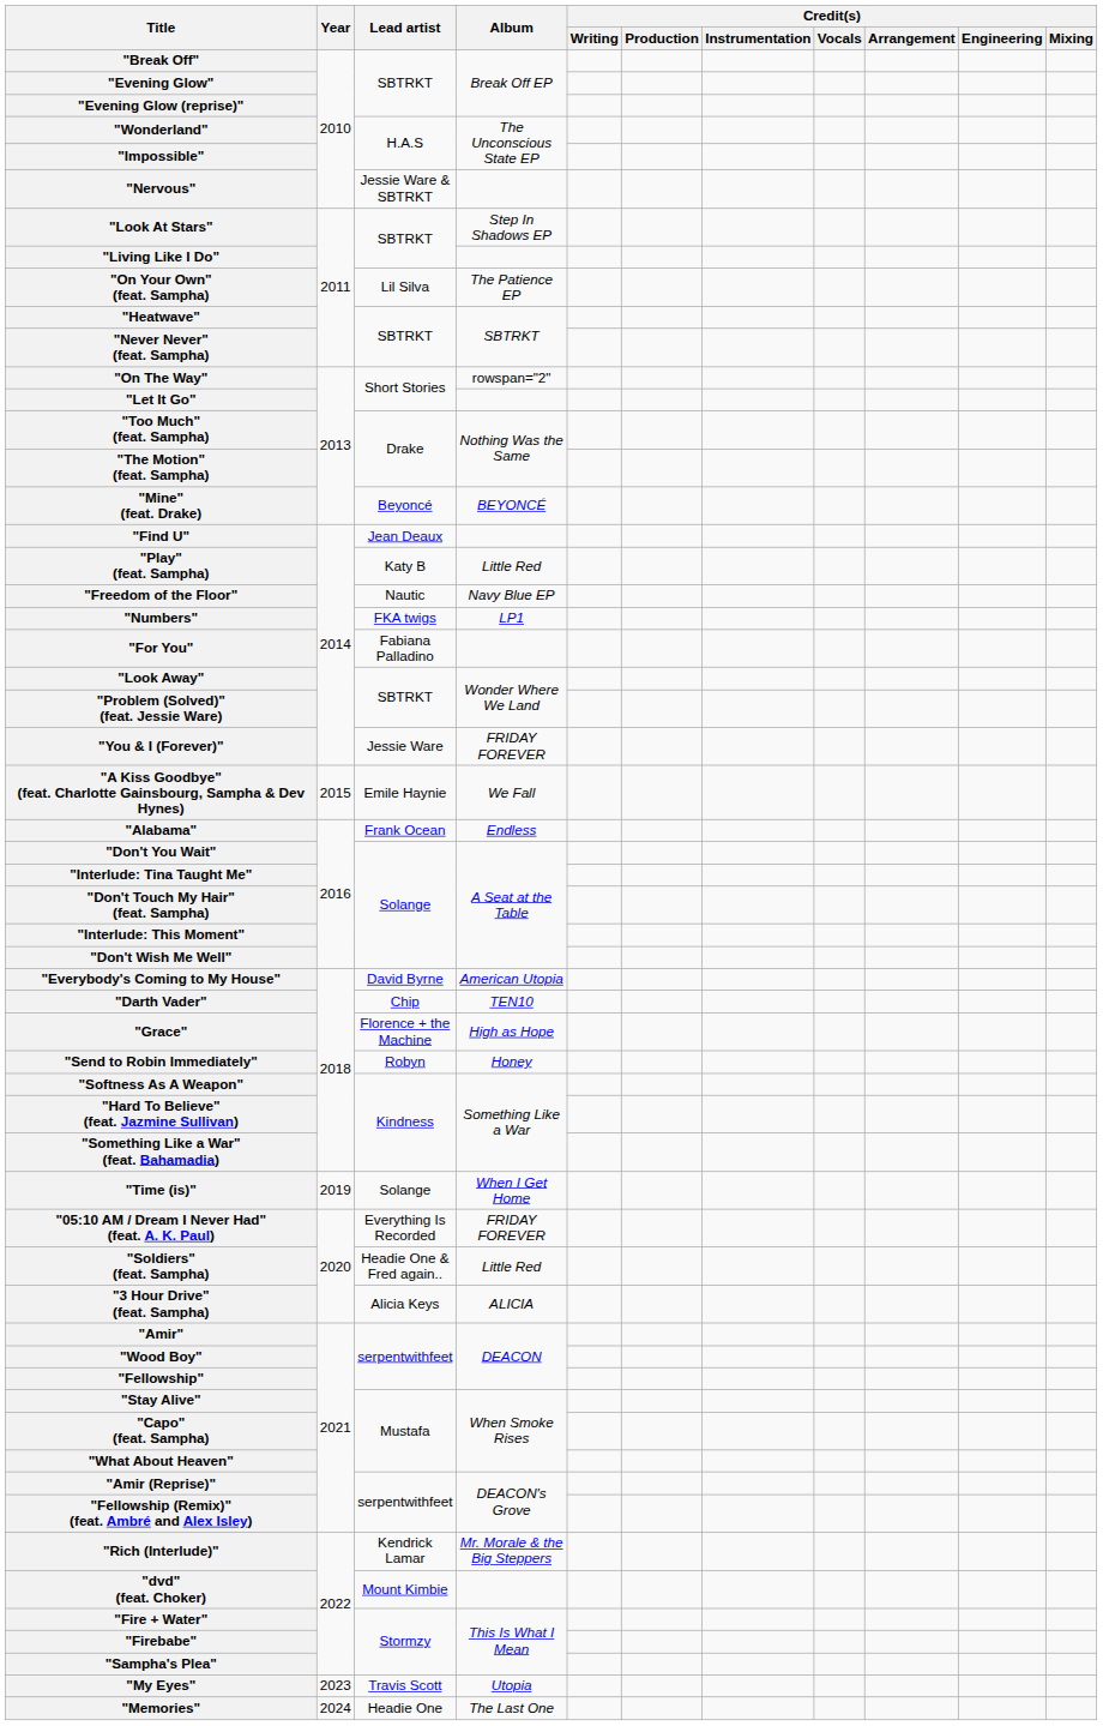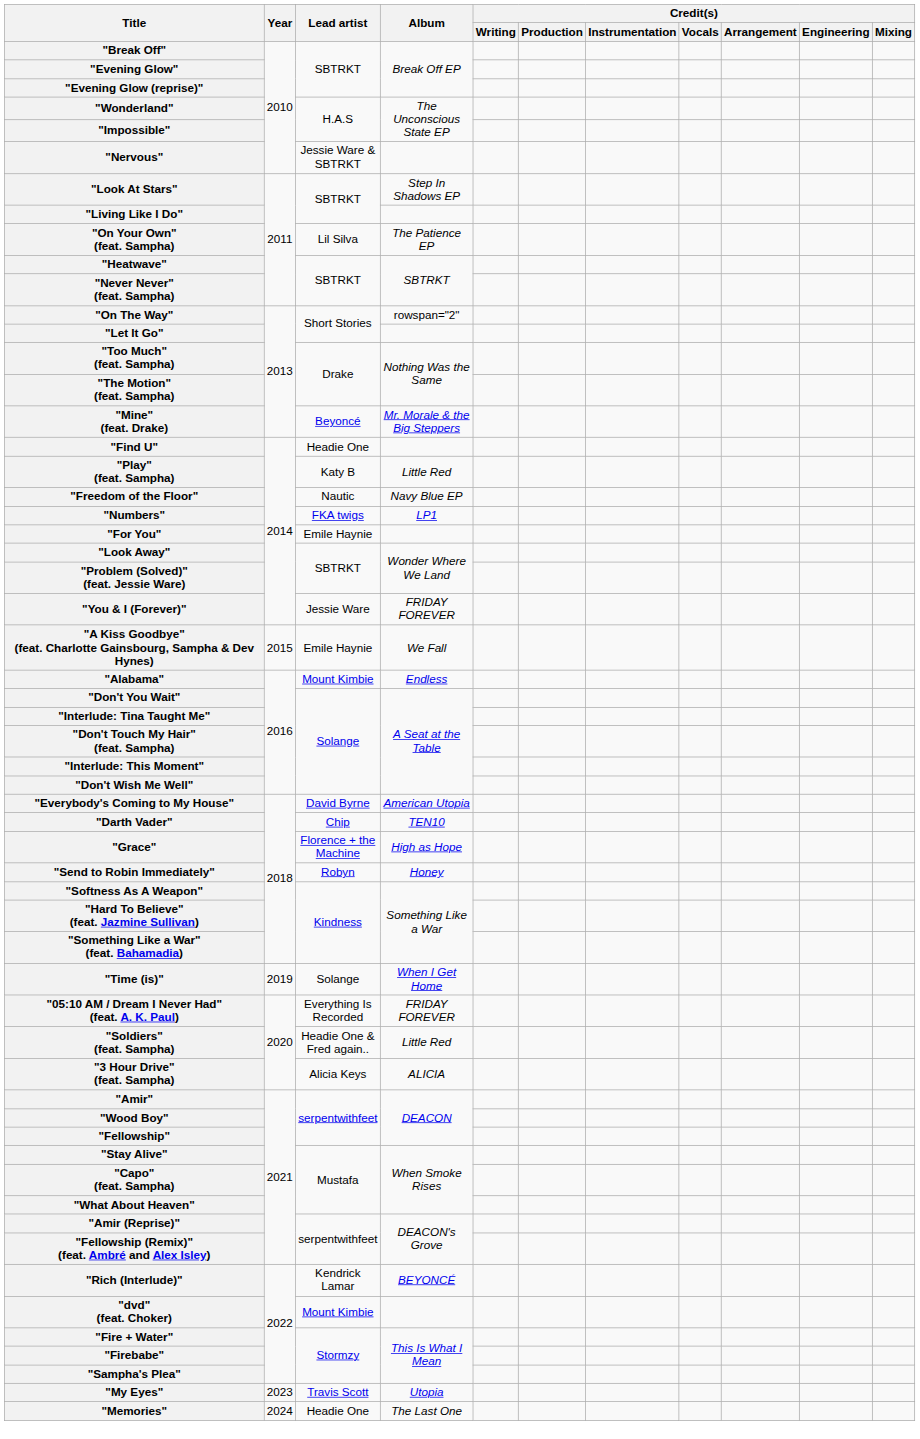 <table class="wikitable plainrowheaders" style="text-align:center;">
 <tr>
 <th rowspan="2" scope="col">Title</th>
 <th rowspan="2" width="30" scope="col">Year</th>
 <th rowspan="2" width="100" scope="col">Lead artist</th>
 <th rowspan="2" width="120" scope="col">Album</th>
 <th colspan="7" width="210" scope="col">Credit(s)</th>
 </tr>
 <tr>
 <th scope="col">Writing</th>
 <th scope="col">Production</th>
 <th scope="col">Instrumentation</th>
 <th scope="col">Vocals</th>
 <th scope="col">Arrangement</th>
 <th scope="col">Engineering</th>
 <th scope="col">Mixing</th>
 </tr>
 <tr>
 <th scope="row">"Break Off"</th>
 <td rowspan="6">2010</td>
 <td rowspan="3">SBTRKT</td>
 <td rowspan="3"><em>Break Off EP</em></td>
 <td></td>
 <td></td>
 <td></td>
 <td></td>
 <td></td>
 <td></td>
 <td></td>
 </tr>
 <tr>
 <th scope="row">"Evening Glow"</th>
 <td></td>
 <td></td>
 <td></td>
 <td></td>
 <td></td>
 <td></td>
 <td></td>
 </tr>
 <tr>
 <th scope="row">"Evening Glow (reprise)"</th>
 <td></td>
 <td></td>
 <td></td>
 <td></td>
 <td></td>
 <td></td>
 <td></td>
 </tr>
 <tr>
 <th scope="row">"Wonderland"</th>
 <td rowspan="2">H.A.S</td>
 <td rowspan="2"><em>The Unconscious State EP</em></td>
 <td></td>
 <td></td>
 <td></td>
 <td></td>
 <td></td>
 <td></td>
 <td></td>
 </tr>
 <tr>
 <th scope="row">"Impossible"</th>
 <td></td>
 <td></td>
 <td></td>
 <td></td>
 <td></td>
 <td></td>
 <td></td>
 </tr>
 <tr>
 <th scope="row">"Nervous"</th>
 <td>Jessie Ware & SBTRKT</td>
 <td></td>
 <td></td>
 <td></td>
 <td></td>
 <td></td>
 <td></td>
 <td></td>
 <td></td>
 </tr>
 <tr>
 <th scope="row">"Look At Stars"</th>
 <td rowspan="5">2011</td>
 <td rowspan="2">SBTRKT</td>
 <td><em>Step In Shadows EP</em></td>
 <td></td>
 <td></td>
 <td></td>
 <td></td>
 <td></td>
 <td></td>
 <td></td>
 </tr>
 <tr>
 <th scope="row">"Living Like I Do"</th>
 <td></td>
 <td></td>
 <td></td>
 <td></td>
 <td></td>
 <td></td>
 <td></td>
 <td></td>
 </tr>
 <tr>
 <th scope="row">"On Your Own"<br><span>(feat. Sampha)</span></th>
 <td>Lil Silva</td>
 <td><em>The Patience EP</em></td>
 <td></td>
 <td></td>
 <td></td>
 <td></td>
 <td></td>
 <td></td>
 <td></td>
 </tr>
 <tr>
 <th scope="row">"Heatwave"</th>
 <td rowspan="2">SBTRKT</td>
 <td rowspan="2"><em>SBTRKT</em></td>
 <td></td>
 <td></td>
 <td></td>
 <td></td>
 <td></td>
 <td></td>
 <td></td>
 </tr>
 <tr>
 <th scope="row">"Never Never"<br><span>(feat. Sampha)</span></th>
 <td></td>
 <td></td>
 <td></td>
 <td></td>
 <td></td>
 <td></td>
 <td></td>
 </tr>
 <tr>
 <th scope="row">"On The Way"</th>
 <td rowspan="5">2013</td>
 <td rowspan="2">Short Stories</td>
 <td>rowspan="2" </td>
 <td></td>
 <td></td>
 <td></td>
 <td></td>
 <td></td>
 <td></td>
 <td></td>
 </tr>
 <tr>
 <th scope="row">"Let It Go"</th>
 <td></td>
 <td></td>
 <td></td>
 <td></td>
 <td></td>
 <td></td>
 <td></td>
 </tr>
 <tr>
 <th scope="row">"Too Much"<br><span>(feat. Sampha)</span></th>
 <td rowspan="2">Drake</td>
 <td rowspan="2"><em>Nothing Was the Same</em></td>
 <td></td>
 <td></td>
 <td></td>
 <td></td>
 <td></td>
 <td></td>
 <td></td>
 </tr>
 <tr>
 <th scope="row">"The Motion"<br><span>(feat. Sampha)</span></th>
 <td></td>
 <td></td>
 <td></td>
 <td></td>
 <td></td>
 <td></td>
 <td></td>
 </tr>
 <tr>
 <th scope="row">"Mine"<br><span>(feat. Drake)</span></th>
 <td><a href='#'>Beyoncé</a></td>
-<td><em><a href='#'>BEYONCÉ</a></em></td>
+<td><em><a href='#'>Mr. Morale & the Big Steppers</a></em></td>
 <td></td>
 <td></td>
 <td></td>
 <td></td>
 <td></td>
 <td></td>
 <td></td>
 </tr>
 <tr>
 <th scope="row">"Find U"</th>
 <td rowspan="8">2014</td>
-<td><a href='#'>Jean Deaux</a></td>
+<td>Headie One</td>
 <td></td>
 <td></td>
 <td></td>
 <td></td>
 <td></td>
 <td></td>
 <td></td>
 <td></td>
 </tr>
 <tr>
 <th scope="row">"Play"<br><span>(feat. Sampha)</span></th>
 <td>Katy B</td>
 <td><em>Little Red</em></td>
 <td></td>
 <td></td>
 <td></td>
 <td></td>
 <td></td>
 <td></td>
 <td></td>
 </tr>
 <tr>
 <th scope="row">"Freedom of the Floor"</th>
 <td>Nautic</td>
 <td><em>Navy Blue EP</em></td>
 <td></td>
 <td></td>
 <td></td>
 <td></td>
 <td></td>
 <td></td>
 <td></td>
 </tr>
 <tr>
 <th scope="row">"Numbers"</th>
 <td><a href='#'>FKA twigs</a></td>
 <td><em><a href='#'>LP1</a></em></td>
 <td></td>
 <td></td>
 <td></td>
 <td></td>
 <td></td>
 <td></td>
 <td></td>
 </tr>
 <tr>
 <th scope="row">"For You"</th>
-<td>Fabiana Palladino</td>
+<td>Emile Haynie</td>
 <td></td>
 <td></td>
 <td></td>
 <td></td>
 <td></td>
 <td></td>
 <td></td>
 <td></td>
 </tr>
 <tr>
 <th scope="row">"Look Away"</th>
 <td rowspan="2">SBTRKT</td>
 <td rowspan="2"><em>Wonder Where We Land</em></td>
 <td></td>
 <td></td>
 <td></td>
 <td></td>
 <td></td>
 <td></td>
 <td></td>
 </tr>
 <tr>
 <th scope="row">"Problem (Solved)"<br><span>(feat. Jessie Ware)</span></th>
 <td></td>
 <td></td>
 <td></td>
 <td></td>
 <td></td>
 <td></td>
 <td></td>
 </tr>
 <tr>
 <th scope="row">"You & I (Forever)"</th>
 <td>Jessie Ware</td>
 <td><em>FRIDAY FOREVER</em></td>
 <td></td>
 <td></td>
 <td></td>
 <td></td>
 <td></td>
 <td></td>
 <td></td>
 </tr>
 <tr>
 <th scope="row">"A Kiss Goodbye"<br><span>(feat. Charlotte Gainsbourg, Sampha & Dev Hynes)</span></th>
 <td>2015</td>
 <td>Emile Haynie</td>
 <td><em>We Fall</em></td>
 <td></td>
 <td></td>
 <td></td>
 <td></td>
 <td></td>
 <td></td>
 <td></td>
 </tr>
 <tr>
 <th scope="row">"Alabama"</th>
 <td rowspan="6">2016</td>
-<td><a href='#'>Frank Ocean</a></td>
+<td><a href='#'>Mount Kimbie</a></td>
 <td><em><a href='#'>Endless</a></em></td>
 <td></td>
 <td></td>
 <td></td>
 <td></td>
 <td></td>
 <td></td>
 <td></td>
 </tr>
 <tr>
 <th scope="row">"Don't You Wait"</th>
 <td rowspan="5"><a href='#'>Solange</a></td>
 <td rowspan="5"><em><a href='#'>A Seat at the Table</a></em></td>
 <td></td>
 <td></td>
 <td></td>
 <td></td>
 <td></td>
 <td></td>
 <td></td>
 </tr>
 <tr>
 <th scope="row">"Interlude: Tina Taught Me"</th>
 <td></td>
 <td></td>
 <td></td>
 <td></td>
 <td></td>
 <td></td>
 <td></td>
 </tr>
 <tr>
 <th scope="row">"Don't Touch My Hair"<br><span>(feat. Sampha)</span></th>
 <td></td>
 <td></td>
 <td></td>
 <td></td>
 <td></td>
 <td></td>
 <td></td>
 </tr>
 <tr>
 <th scope="row">"Interlude: This Moment"</th>
 <td></td>
 <td></td>
 <td></td>
 <td></td>
 <td></td>
 <td></td>
 <td></td>
 </tr>
 <tr>
 <th scope="row">"Don't Wish Me Well"</th>
 <td></td>
 <td></td>
 <td></td>
 <td></td>
 <td></td>
 <td></td>
 <td></td>
 </tr>
 <tr>
 <th scope="row">"Everybody's Coming to My House"</th>
 <td rowspan="7">2018</td>
 <td><a href='#'>David Byrne</a></td>
 <td><em><a href='#'>American Utopia</a></em></td>
 <td></td>
 <td></td>
 <td></td>
 <td></td>
 <td></td>
 <td></td>
 <td></td>
 </tr>
 <tr>
 <th scope="row">"Darth Vader"</th>
 <td><a href='#'>Chip</a></td>
 <td><em><a href='#'>TEN10</a></em></td>
 <td></td>
 <td></td>
 <td></td>
 <td></td>
 <td></td>
 <td></td>
 <td></td>
 </tr>
 <tr>
 <th scope="row">"Grace"</th>
 <td><a href='#'>Florence + the Machine</a></td>
 <td><em><a href='#'>High as Hope</a></em></td>
 <td></td>
 <td></td>
 <td></td>
 <td></td>
 <td></td>
 <td></td>
 <td></td>
 </tr>
 <tr>
 <th scope="row">"Send to Robin Immediately"</th>
 <td><a href='#'>Robyn</a></td>
 <td><em><a href='#'>Honey</a></em></td>
 <td></td>
 <td></td>
 <td></td>
 <td></td>
 <td></td>
 <td></td>
 <td></td>
 </tr>
 <tr>
 <th scope="row">"Softness As A Weapon"</th>
 <td rowspan="3"><a href='#'>Kindness</a></td>
 <td rowspan="3"><em>Something Like a War</em></td>
 <td></td>
 <td></td>
 <td></td>
 <td></td>
 <td></td>
 <td></td>
 <td></td>
 </tr>
 <tr>
 <th scope="row">"Hard To Believe"<br><span>(feat. <a href='#'>Jazmine Sullivan</a>)</span></th>
 <td></td>
 <td></td>
 <td></td>
 <td></td>
 <td></td>
 <td></td>
 <td></td>
 </tr>
 <tr>
 <th scope="row">"Something Like a War"<br><span>(feat. <a href='#'>Bahamadia</a>)</span></th>
 <td></td>
 <td></td>
 <td></td>
 <td></td>
 <td></td>
 <td></td>
 <td></td>
 </tr>
 <tr>
 <th scope="row">"Time (is)"</th>
 <td>2019</td>
 <td>Solange</td>
 <td><em><a href='#'>When I Get Home</a></em></td>
 <td></td>
 <td></td>
 <td></td>
 <td></td>
 <td></td>
 <td></td>
 <td></td>
 </tr>
 <tr>
 <th scope="row">"05:10 AM / Dream I Never Had"<br><span>(feat. <a href='#'>A. K. Paul</a>)</span></th>
 <td rowspan="3">2020</td>
 <td>Everything Is Recorded</td>
 <td><em>FRIDAY FOREVER</em></td>
 <td></td>
 <td></td>
 <td></td>
 <td></td>
 <td></td>
 <td></td>
 <td></td>
 </tr>
 <tr>
 <th scope="row">"Soldiers"<br><span>(feat. Sampha)</span></th>
 <td>Headie One & Fred again..</td>
 <td><em>Little Red</em></td>
 <td></td>
 <td></td>
 <td></td>
 <td></td>
 <td></td>
 <td></td>
 <td></td>
 </tr>
 <tr>
 <th scope="row">"3 Hour Drive"<br><span>(feat. Sampha)</span></th>
 <td>Alicia Keys</td>
 <td><em>ALICIA</em></td>
 <td></td>
 <td></td>
 <td></td>
 <td></td>
 <td></td>
 <td></td>
 <td></td>
 </tr>
 <tr>
 <th scope="row">"Amir"</th>
 <td rowspan="8">2021</td>
 <td rowspan="3"><a href='#'>serpentwithfeet</a></td>
 <td rowspan="3"><em><a href='#'>DEACON</a></em></td>
 <td></td>
 <td></td>
 <td></td>
 <td></td>
 <td></td>
 <td></td>
 <td></td>
 </tr>
 <tr>
 <th scope="row">"Wood Boy"</th>
 <td></td>
 <td></td>
 <td></td>
 <td></td>
 <td></td>
 <td></td>
 <td></td>
 </tr>
 <tr>
 <th scope="row">"Fellowship"</th>
 <td></td>
 <td></td>
 <td></td>
 <td></td>
 <td></td>
 <td></td>
 <td></td>
 </tr>
 <tr>
 <th scope="row">"Stay Alive"</th>
 <td rowspan="3">Mustafa</td>
 <td rowspan="3"><em>When Smoke Rises</em></td>
 <td></td>
 <td></td>
 <td></td>
 <td></td>
 <td></td>
 <td></td>
 <td></td>
 </tr>
 <tr>
 <th scope="row">"Capo"<br><span>(feat. Sampha)</span></th>
 <td></td>
 <td></td>
 <td></td>
 <td></td>
 <td></td>
 <td></td>
 <td></td>
 </tr>
 <tr>
 <th scope="row">"What About Heaven"</th>
 <td></td>
 <td></td>
 <td></td>
 <td></td>
 <td></td>
 <td></td>
 <td></td>
 </tr>
 <tr>
 <th scope="row">"Amir (Reprise)"</th>
 <td rowspan="2">serpentwithfeet</td>
 <td rowspan="2"><em>DEACON's Grove</em></td>
 <td></td>
 <td></td>
 <td></td>
 <td></td>
 <td></td>
 <td></td>
 <td></td>
 </tr>
 <tr>
 <th scope="row">"Fellowship (Remix)"<br><span>(feat. <a href='#'>Ambré</a> and <a href='#'>Alex Isley</a>)</span></th>
 <td></td>
 <td></td>
 <td></td>
 <td></td>
 <td></td>
 <td></td>
 <td></td>
 </tr>
 <tr>
 <th scope="row">"Rich (Interlude)"</th>
 <td rowspan="5">2022</td>
 <td>Kendrick Lamar</td>
-<td><em><a href='#'>Mr. Morale & the Big Steppers</a></em></td>
+<td><em><a href='#'>BEYONCÉ</a></em></td>
 <td></td>
 <td></td>
 <td></td>
 <td></td>
 <td></td>
 <td></td>
 <td></td>
 </tr>
 <tr>
 <th scope="row">"dvd"<br><span>(feat. Choker)</span></th>
 <td><a href='#'>Mount Kimbie</a></td>
 <td><em></em></td>
 <td></td>
 <td></td>
 <td></td>
 <td></td>
 <td></td>
 <td></td>
 <td></td>
 </tr>
 <tr>
 <th scope="row">"Fire + Water"</th>
 <td rowspan="3"><a href='#'>Stormzy</a></td>
 <td rowspan="3"><em><a href='#'>This Is What I Mean</a></em></td>
 <td></td>
 <td></td>
 <td></td>
 <td></td>
 <td></td>
 <td></td>
 <td></td>
 </tr>
 <tr>
 <th scope="row">"Firebabe"</th>
 <td></td>
 <td></td>
 <td></td>
 <td></td>
 <td></td>
 <td></td>
 <td></td>
 </tr>
 <tr>
 <th scope="row">"Sampha's Plea"</th>
 <td></td>
 <td></td>
 <td></td>
 <td></td>
 <td></td>
 <td></td>
 <td></td>
 </tr>
 <tr>
 <th scope="row">"My Eyes"</th>
 <td>2023</td>
 <td><a href='#'>Travis Scott</a></td>
 <td><em><a href='#'>Utopia</a></em></td>
 <td></td>
 <td></td>
 <td></td>
 <td></td>
 <td></td>
 <td></td>
 <td></td>
 </tr>
 <tr>
 <th scope="row">"Memories"</th>
 <td>2024</td>
 <td>Headie One</td>
 <td><em>The Last One</em></td>
 <td></td>
 <td></td>
 <td></td>
 <td></td>
 <td></td>
 <td></td>
 <td></td>
 </tr>
 </table>
